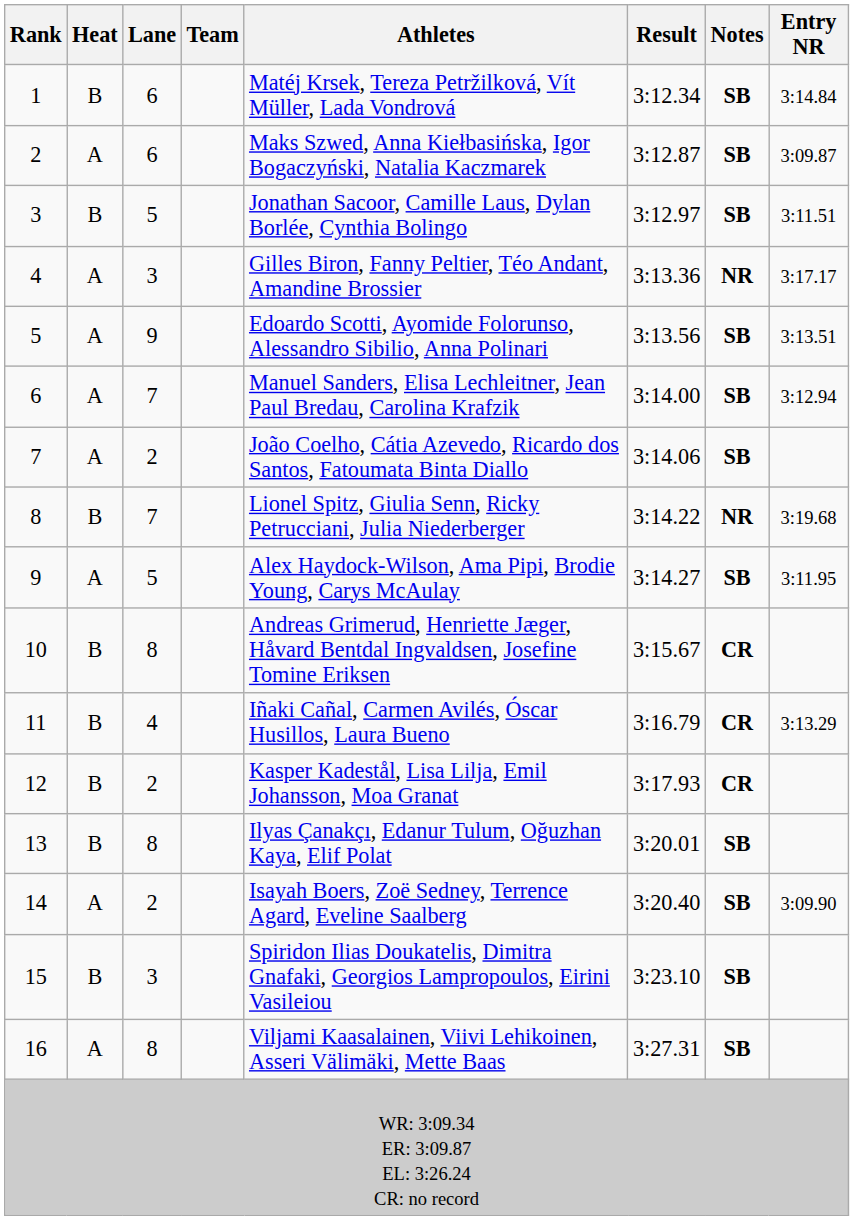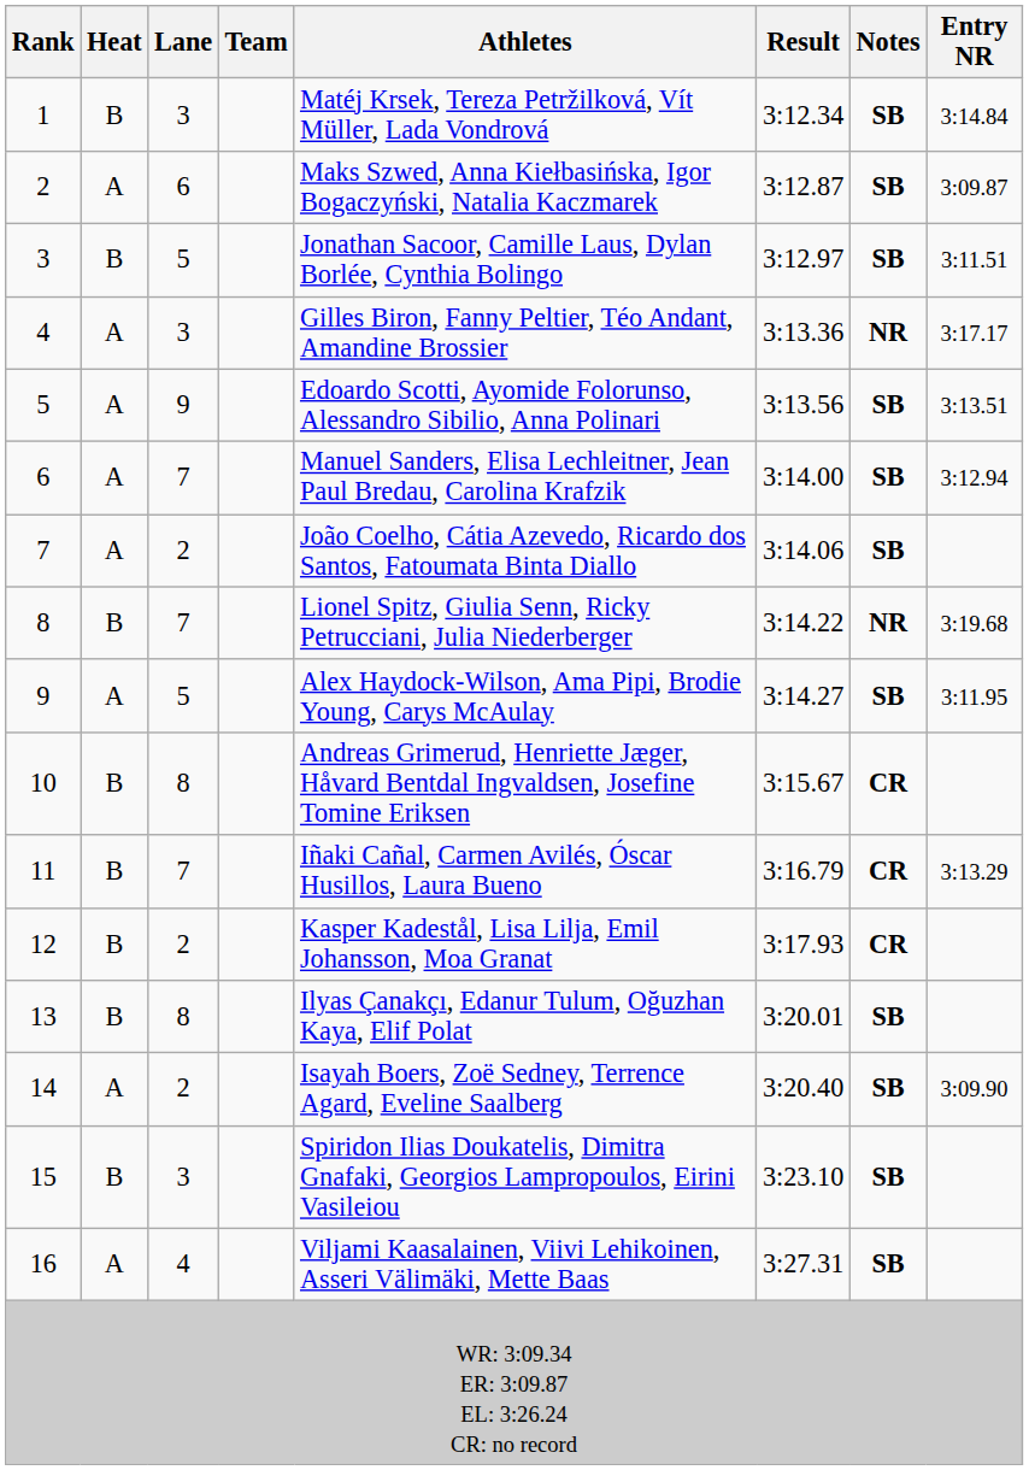 <table class="wikitable sortable" style="text-align:center;">
 <tr>
 <th>Rank</th>
 <th>Heat</th>
 <th>Lane</th>
 <th>Team</th>
 <th>Athletes</th>
 <th>Result</th>
 <th>Notes</th>
 <th>Entry NR</th>
 </tr>
 <tr>
 <td>1</td>
 <td>B</td>
-<td>6</td>
+<td>3</td>
 <td align=left></td>
 <td align=left><a href='#'>Matéj Krsek</a>, <a href='#'>Tereza Petržilková</a>, <a href='#'>Vít Müller</a>, <a href='#'>Lada Vondrová</a></td>
 <td>3:12.34</td>
 <td><strong>SB</strong></td>
 <td><small>3:14.84</small></td>
 </tr>
 <tr>
 <td>2</td>
 <td>A</td>
 <td>6</td>
 <td align=left></td>
 <td align=left><a href='#'>Maks Szwed</a>, <a href='#'>Anna Kiełbasińska</a>, <a href='#'>Igor Bogaczyński</a>, <a href='#'>Natalia Kaczmarek</a></td>
 <td>3:12.87</td>
 <td> <strong>SB</strong></td>
 <td><small>3:09.87</small></td>
 </tr>
 <tr>
 <td>3</td>
 <td>B</td>
 <td>5</td>
 <td align=left></td>
 <td align=left><a href='#'>Jonathan Sacoor</a>, <a href='#'>Camille Laus</a>, <a href='#'>Dylan Borlée</a>, <a href='#'>Cynthia Bolingo</a></td>
 <td>3:12.97</td>
 <td> <strong>SB</strong></td>
 <td><small>3:11.51</small></td>
 </tr>
 <tr>
 <td>4</td>
 <td>A</td>
 <td>3</td>
 <td align=left></td>
 <td align=left><a href='#'>Gilles Biron</a>, <a href='#'>Fanny Peltier</a>, <a href='#'>Téo Andant</a>, <a href='#'>Amandine Brossier</a></td>
 <td>3:13.36</td>
 <td><strong>NR</strong></td>
 <td><small>3:17.17</small></td>
 </tr>
 <tr>
 <td>5</td>
 <td>A</td>
 <td>9</td>
 <td align=left></td>
 <td align=left><a href='#'>Edoardo Scotti</a>, <a href='#'>Ayomide Folorunso</a>, <a href='#'>Alessandro Sibilio</a>, <a href='#'>Anna Polinari</a></td>
 <td>3:13.56</td>
 <td><strong>SB</strong></td>
 <td><small>3:13.51</small></td>
 </tr>
 <tr>
 <td>6</td>
 <td>A</td>
 <td>7</td>
 <td align=left></td>
 <td align=left><a href='#'>Manuel Sanders</a>, <a href='#'>Elisa Lechleitner</a>, <a href='#'>Jean Paul Bredau</a>, <a href='#'>Carolina Krafzik</a></td>
 <td>3:14.00</td>
 <td><strong>SB</strong></td>
 <td><small>3:12.94</small></td>
 </tr>
 <tr>
 <td>7</td>
 <td>A</td>
 <td>2</td>
 <td align=left></td>
 <td align=left><a href='#'>João Coelho</a>, <a href='#'>Cátia Azevedo</a>, <a href='#'>Ricardo dos Santos</a>, <a href='#'>Fatoumata Binta Diallo</a></td>
 <td>3:14.06</td>
 <td><strong>SB</strong></td>
 <td><small></small></td>
 </tr>
 <tr>
 <td>8</td>
 <td>B</td>
 <td>7</td>
 <td align=left></td>
 <td align=left><a href='#'>Lionel Spitz</a>, <a href='#'>Giulia Senn</a>, <a href='#'>Ricky Petrucciani</a>, <a href='#'>Julia Niederberger</a></td>
 <td>3:14.22</td>
 <td><strong>NR</strong></td>
 <td><small>3:19.68</small></td>
 </tr>
 <tr>
 <td>9</td>
 <td>A</td>
 <td>5</td>
 <td align=left></td>
 <td align=left><a href='#'>Alex Haydock-Wilson</a>, <a href='#'>Ama Pipi</a>, <a href='#'>Brodie Young</a>, <a href='#'>Carys McAulay</a></td>
 <td>3:14.27</td>
 <td><strong>SB</strong></td>
 <td><small>3:11.95</small></td>
 </tr>
 <tr>
 <td>10</td>
 <td>B</td>
 <td>8</td>
 <td align=left></td>
 <td align=left><a href='#'>Andreas Grimerud</a>, <a href='#'>Henriette Jæger</a>, <a href='#'>Håvard Bentdal Ingvaldsen</a>, <a href='#'>Josefine Tomine Eriksen</a></td>
 <td>3:15.67</td>
 <td> <strong>CR</strong></td>
 <td><small></small></td>
 </tr>
 <tr>
 <td>11</td>
 <td>B</td>
-<td>4</td>
+<td>7</td>
 <td align=left></td>
 <td align=left><a href='#'>Iñaki Cañal</a>, <a href='#'>Carmen Avilés</a>, <a href='#'>Óscar Husillos</a>, <a href='#'>Laura Bueno</a></td>
 <td>3:16.79</td>
 <td> <strong>CR</strong></td>
 <td><small>3:13.29</small></td>
 </tr>
 <tr>
 <td>12</td>
 <td>B</td>
 <td>2</td>
 <td align=left></td>
 <td align=left><a href='#'>Kasper Kadestål</a>, <a href='#'>Lisa Lilja</a>, <a href='#'>Emil Johansson</a>, <a href='#'>Moa Granat</a></td>
 <td>3:17.93</td>
 <td> <strong>CR</strong></td>
 <td><small></small></td>
 </tr>
 <tr>
 <td>13</td>
 <td>B</td>
 <td>8</td>
 <td align=left></td>
 <td align=left><a href='#'>Ilyas Çanakçı</a>, <a href='#'>Edanur Tulum</a>, <a href='#'>Oğuzhan Kaya</a>, <a href='#'>Elif Polat</a></td>
 <td>3:20.01</td>
 <td><strong>SB</strong></td>
 <td><small></small></td>
 </tr>
 <tr>
 <td>14</td>
 <td>A</td>
 <td>2</td>
 <td align=left></td>
 <td align=left><a href='#'>Isayah Boers</a>, <a href='#'>Zoë Sedney</a>, <a href='#'>Terrence Agard</a>, <a href='#'>Eveline Saalberg</a></td>
 <td>3:20.40</td>
 <td><strong>SB</strong></td>
 <td><small>3:09.90</small></td>
 </tr>
 <tr>
 <td>15</td>
 <td>B</td>
 <td>3</td>
 <td align=left></td>
 <td align=left><a href='#'>Spiridon Ilias Doukatelis</a>, <a href='#'>Dimitra Gnafaki</a>, <a href='#'>Georgios Lampropoulos</a>, <a href='#'>Eirini Vasileiou</a></td>
 <td>3:23.10</td>
 <td><strong>SB</strong></td>
 <td><small></small></td>
 </tr>
 <tr>
 <td>16</td>
 <td>A</td>
-<td>8</td>
+<td>4</td>
 <td align=left></td>
 <td align=left><a href='#'>Viljami Kaasalainen</a>, <a href='#'>Viivi Lehikoinen</a>, <a href='#'>Asseri Välimäki</a>, <a href='#'>Mette Baas</a></td>
 <td>3:27.31</td>
 <td><strong>SB</strong></td>
 <td><small></small></td>
 </tr>
 <tr>
 <td colspan="8" bgcolor="#cccccc"><br> <small>WR:  3:09.34<br>ER:  3:09.87<br></small> <small>EL:   3:26.24 <br>CR: no record</small></td>
 </tr>
 </table>
